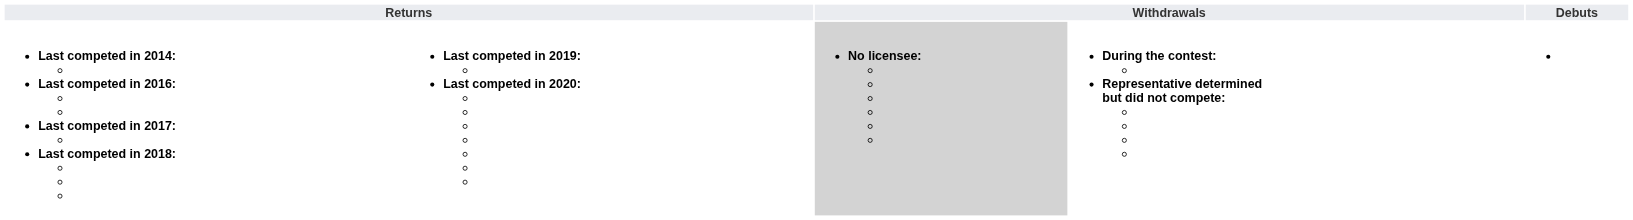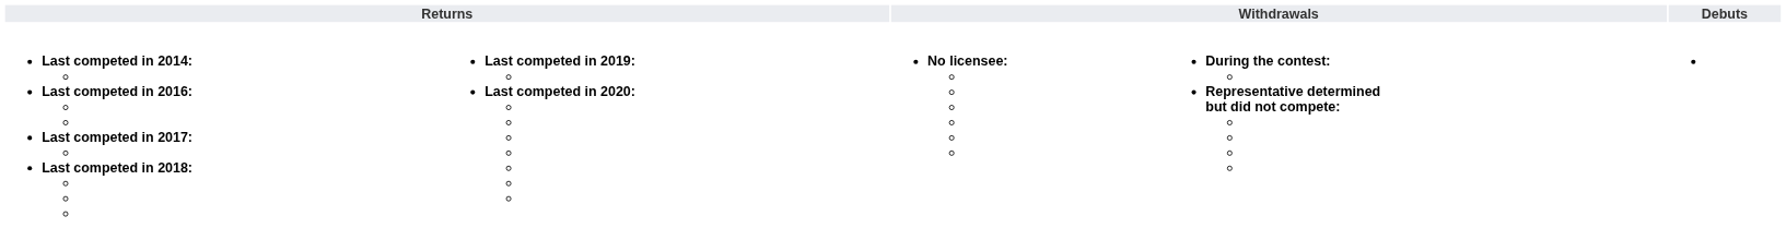 <table width = 100% style="font-size: 95%">
 <tr>
 <th colspan = "2" style = "background: #eaecf0; color:#333333; ">Returns</th>
 <th colspan = "2" style = "background: #eaecf0; color:#333333; ">Withdrawals</th>
 <th style = "background: #eaecf0; color:#333333; ">Debuts</th>
 </tr>
 <tr>
 <td valign = "top"><br><ul><li><strong>Last competed in 2014:</strong><ul><li></li></ul></li><li><strong>Last competed in 2016:</strong><ul><li></li><li></li></ul></li><li><strong>Last competed in 2017:</strong><ul><li></li></ul></li><li><strong>Last competed in 2018:</strong><ul><li></li><li></li><li></li></ul></li></ul></td>
 <td valign = "top"><br><ul><li><strong>Last competed in 2019:</strong><ul><li></li></ul></li><li><strong>Last competed in 2020:</strong><ul><li></li><li></li><li></li><li></li><li></li><li></li><li></li></ul></li></ul></td>
-<td valign = "top" style="background: lightgrey;"><br><ul><li><strong>No licensee:</strong><ul><li></li><li></li><li></li><li></li><li></li><li></li></ul></li></ul></td>
+<td valign = "top"><br><ul><li><strong>No licensee:</strong><ul><li></li><li></li><li></li><li></li><li></li><li></li></ul></li></ul></td>
 <td valign = "top"><br><ul><li><strong>During the contest:</strong><ul><li></li></ul></li><li><strong>Representative determined<br>but did not compete:</strong><ul><li></li><li></li><li></li><li></li></ul></li></ul></td>
 <td valign = "top"><br><ul><li></li></ul></td>
 </tr>
 <tr>
 </tr>
 </table>
